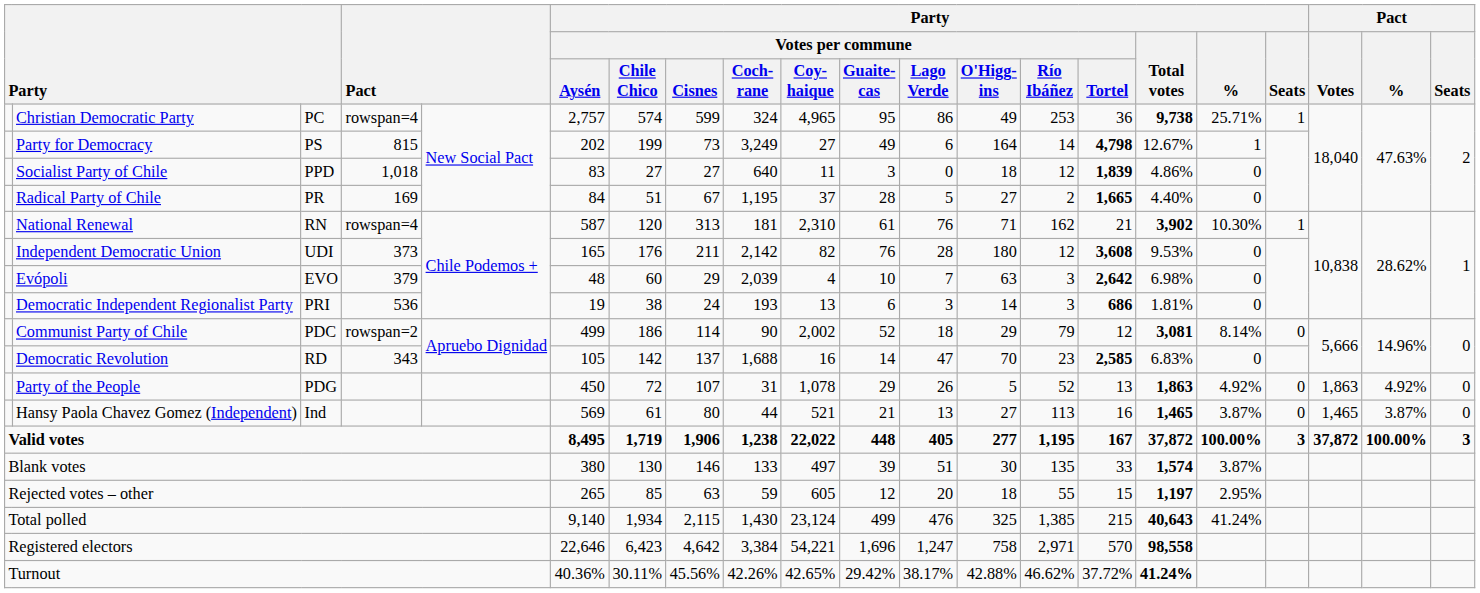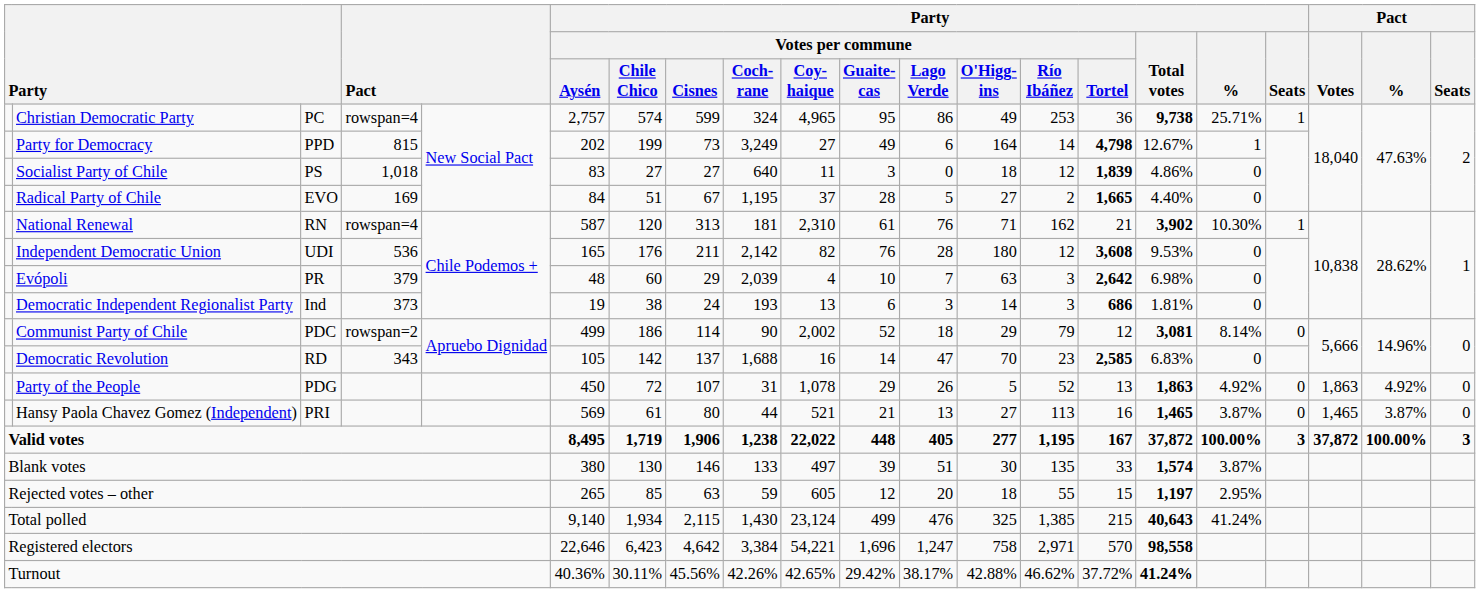 <table class="wikitable" border="1" style="font-size:90%; text-align:right; white-space: nowrap;">
 <tr>
 <th style="text-align:left;" valign=bottom rowspan=3 colspan=3>Party</th>
 <th style="text-align:left;" valign=bottom rowspan=3 colspan=2>Pact</th>
 <th colspan=13>Party</th>
 <th colspan=3>Pact</th>
 </tr>
 <tr>
 <th colspan=10>Votes per commune</th>
 <th align=center valign=bottom rowspan=2 width="40">Total<br>votes</th>
 <th align=center valign=bottom rowspan=2 width="40">%</th>
 <th align=center valign=bottom rowspan=2>Seats</th>
 <th align=center valign=bottom rowspan=2 width="40">Votes</th>
 <th align=center valign=bottom rowspan=2 width="40">%</th>
 <th align=center valign=bottom rowspan=2>Seats</th>
 </tr>
 <tr>
 <th align=center valign=bottom width="40"><a href='#'>Aysén</a></th>
 <th align=center valign=bottom width="40"><a href='#'>Chile<br>Chico</a></th>
 <th align=center valign=bottom width="40"><a href='#'>Cisnes</a></th>
 <th align=center valign=bottom width="40"><a href='#'>Coch-<br>rane</a></th>
 <th align=center valign=bottom width="40"><a href='#'>Coy-<br>haique</a></th>
 <th align=center valign=bottom width="40"><a href='#'>Guaite-<br>cas</a></th>
 <th align=center valign=bottom width="40"><a href='#'>Lago<br>Verde</a></th>
 <th align=center valign=bottom width="40"><a href='#'>O'Higg-<br>ins</a></th>
 <th align=center valign=bottom width="40"><a href='#'>Río<br>Ibáñez</a></th>
 <th align=center valign=bottom width="40"><a href='#'>Tortel</a></th>
 </tr>
 <tr>
 <td></td>
 <td align=left><a href='#'>Christian Democratic Party</a></td>
 <td align=left>PC</td>
 <td>rowspan=4 </td>
 <td rowspan=4 align=left><a href='#'>New Social Pact</a></td>
 <td>2,757</td>
 <td>574</td>
 <td>599</td>
 <td>324</td>
 <td>4,965</td>
 <td>95</td>
 <td>86</td>
 <td>49</td>
 <td>253</td>
 <td>36</td>
 <td><strong>9,738</strong></td>
 <td>25.71%</td>
 <td>1</td>
 <td rowspan=4>18,040</td>
 <td rowspan=4>47.63%</td>
 <td rowspan=4>2</td>
 </tr>
 <tr>
 <td></td>
 <td align=left><a href='#'>Party for Democracy</a></td>
-<td align=left>PS</td>
+<td align=left>PPD</td>
 <td>815</td>
 <td>202</td>
 <td>199</td>
 <td>73</td>
 <td>3,249</td>
 <td>27</td>
 <td>49</td>
 <td>6</td>
 <td>164</td>
 <td>14</td>
 <td><strong>4,798</strong></td>
 <td>12.67%</td>
 <td>1</td>
 </tr>
 <tr>
 <td></td>
 <td align=left><a href='#'>Socialist Party of Chile</a></td>
-<td align=left>PPD</td>
+<td align=left>PS</td>
 <td>1,018</td>
 <td>83</td>
 <td>27</td>
 <td>27</td>
 <td>640</td>
 <td>11</td>
 <td>3</td>
 <td>0</td>
 <td>18</td>
 <td>12</td>
 <td><strong>1,839</strong></td>
 <td>4.86%</td>
 <td>0</td>
 </tr>
 <tr>
 <td></td>
 <td align=left><a href='#'>Radical Party of Chile</a></td>
-<td align=left>PR</td>
+<td align=left>EVO</td>
 <td>169</td>
 <td>84</td>
 <td>51</td>
 <td>67</td>
 <td>1,195</td>
 <td>37</td>
 <td>28</td>
 <td>5</td>
 <td>27</td>
 <td>2</td>
 <td><strong>1,665</strong></td>
 <td>4.40%</td>
 <td>0</td>
 </tr>
 <tr>
 <td></td>
 <td align=left><a href='#'>National Renewal</a></td>
 <td align=left>RN</td>
 <td>rowspan=4 </td>
 <td rowspan=4 align=left><a href='#'>Chile Podemos +</a></td>
 <td>587</td>
 <td>120</td>
 <td>313</td>
 <td>181</td>
 <td>2,310</td>
 <td>61</td>
 <td>76</td>
 <td>71</td>
 <td>162</td>
 <td>21</td>
 <td><strong>3,902</strong></td>
 <td>10.30%</td>
 <td>1</td>
 <td rowspan=4>10,838</td>
 <td rowspan=4>28.62%</td>
 <td rowspan=4>1</td>
 </tr>
 <tr>
 <td></td>
 <td align=left><a href='#'>Independent Democratic Union</a></td>
 <td align=left>UDI</td>
-<td>373</td>
+<td>536</td>
 <td>165</td>
 <td>176</td>
 <td>211</td>
 <td>2,142</td>
 <td>82</td>
 <td>76</td>
 <td>28</td>
 <td>180</td>
 <td>12</td>
 <td><strong>3,608</strong></td>
 <td>9.53%</td>
 <td>0</td>
 </tr>
 <tr>
 <td></td>
 <td align=left><a href='#'>Evópoli</a></td>
-<td align=left>EVO</td>
+<td align=left>PR</td>
 <td>379</td>
 <td>48</td>
 <td>60</td>
 <td>29</td>
 <td>2,039</td>
 <td>4</td>
 <td>10</td>
 <td>7</td>
 <td>63</td>
 <td>3</td>
 <td><strong>2,642</strong></td>
 <td>6.98%</td>
 <td>0</td>
 </tr>
 <tr>
 <td></td>
 <td align=left><a href='#'>Democratic Independent Regionalist Party</a></td>
-<td align=left>PRI</td>
-<td>536</td>
+<td align=left>Ind</td>
+<td>373</td>
 <td>19</td>
 <td>38</td>
 <td>24</td>
 <td>193</td>
 <td>13</td>
 <td>6</td>
 <td>3</td>
 <td>14</td>
 <td>3</td>
 <td><strong>686</strong></td>
 <td>1.81%</td>
 <td>0</td>
 </tr>
 <tr>
 <td></td>
 <td align=left><a href='#'>Communist Party of Chile</a></td>
 <td align=left>PDC</td>
 <td>rowspan=2 </td>
 <td rowspan=2 align=left><a href='#'>Apruebo Dignidad</a></td>
 <td>499</td>
 <td>186</td>
 <td>114</td>
 <td>90</td>
 <td>2,002</td>
 <td>52</td>
 <td>18</td>
 <td>29</td>
 <td>79</td>
 <td>12</td>
 <td><strong>3,081</strong></td>
 <td>8.14%</td>
 <td>0</td>
 <td rowspan=2>5,666</td>
 <td rowspan=2>14.96%</td>
 <td rowspan=2>0</td>
 </tr>
 <tr>
 <td></td>
 <td align=left><a href='#'>Democratic Revolution</a></td>
 <td align=left>RD</td>
 <td>343</td>
 <td>105</td>
 <td>142</td>
 <td>137</td>
 <td>1,688</td>
 <td>16</td>
 <td>14</td>
 <td>47</td>
 <td>70</td>
 <td>23</td>
 <td><strong>2,585</strong></td>
 <td>6.83%</td>
 <td>0</td>
 </tr>
 <tr>
 <td></td>
 <td align=left><a href='#'>Party of the People</a></td>
 <td align=left>PDG</td>
 <td></td>
 <td></td>
 <td>450</td>
 <td>72</td>
 <td>107</td>
 <td>31</td>
 <td>1,078</td>
 <td>29</td>
 <td>26</td>
 <td>5</td>
 <td>52</td>
 <td>13</td>
 <td><strong>1,863</strong></td>
 <td>4.92%</td>
 <td>0</td>
 <td>1,863</td>
 <td>4.92%</td>
 <td>0</td>
 </tr>
 <tr>
 <td></td>
 <td align=left>Hansy Paola Chavez Gomez (<a href='#'>Independent</a>)</td>
-<td align=left>Ind</td>
+<td align=left>PRI</td>
 <td></td>
 <td></td>
 <td>569</td>
 <td>61</td>
 <td>80</td>
 <td>44</td>
 <td>521</td>
 <td>21</td>
 <td>13</td>
 <td>27</td>
 <td>113</td>
 <td>16</td>
 <td><strong>1,465</strong></td>
 <td>3.87%</td>
 <td>0</td>
 <td>1,465</td>
 <td>3.87%</td>
 <td>0</td>
 </tr>
 <tr style="font-weight:bold">
 <td align=left colspan=5>Valid votes</td>
 <td>8,495</td>
 <td>1,719</td>
 <td>1,906</td>
 <td>1,238</td>
 <td>22,022</td>
 <td>448</td>
 <td>405</td>
 <td>277</td>
 <td>1,195</td>
 <td>167</td>
 <td>37,872</td>
 <td>100.00%</td>
 <td>3</td>
 <td>37,872</td>
 <td>100.00%</td>
 <td>3</td>
 </tr>
 <tr>
 <td align=left colspan=5>Blank votes</td>
 <td>380</td>
 <td>130</td>
 <td>146</td>
 <td>133</td>
 <td>497</td>
 <td>39</td>
 <td>51</td>
 <td>30</td>
 <td>135</td>
 <td>33</td>
 <td><strong>1,574</strong></td>
 <td>3.87%</td>
 <td></td>
 <td></td>
 <td></td>
 <td></td>
 </tr>
 <tr>
 <td align=left colspan=5>Rejected votes – other</td>
 <td>265</td>
 <td>85</td>
 <td>63</td>
 <td>59</td>
 <td>605</td>
 <td>12</td>
 <td>20</td>
 <td>18</td>
 <td>55</td>
 <td>15</td>
 <td><strong>1,197</strong></td>
 <td>2.95%</td>
 <td></td>
 <td></td>
 <td></td>
 <td></td>
 </tr>
 <tr>
 <td align=left colspan=5>Total polled</td>
 <td>9,140</td>
 <td>1,934</td>
 <td>2,115</td>
 <td>1,430</td>
 <td>23,124</td>
 <td>499</td>
 <td>476</td>
 <td>325</td>
 <td>1,385</td>
 <td>215</td>
 <td><strong>40,643</strong></td>
 <td>41.24%</td>
 <td></td>
 <td></td>
 <td></td>
 <td></td>
 </tr>
 <tr>
 <td align=left colspan=5>Registered electors</td>
 <td>22,646</td>
 <td>6,423</td>
 <td>4,642</td>
 <td>3,384</td>
 <td>54,221</td>
 <td>1,696</td>
 <td>1,247</td>
 <td>758</td>
 <td>2,971</td>
 <td>570</td>
 <td><strong>98,558</strong></td>
 <td></td>
 <td></td>
 <td></td>
 <td></td>
 <td></td>
 </tr>
 <tr>
 <td align=left colspan=5>Turnout</td>
 <td>40.36%</td>
 <td>30.11%</td>
 <td>45.56%</td>
 <td>42.26%</td>
 <td>42.65%</td>
 <td>29.42%</td>
 <td>38.17%</td>
 <td>42.88%</td>
 <td>46.62%</td>
 <td>37.72%</td>
 <td><strong>41.24%</strong></td>
 <td></td>
 <td></td>
 <td></td>
 <td></td>
 <td></td>
 </tr>
 </table>
